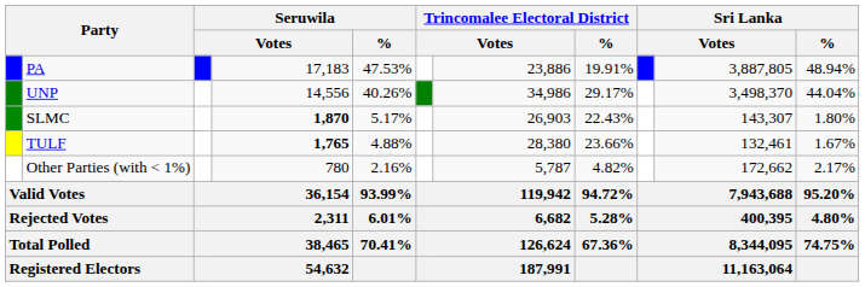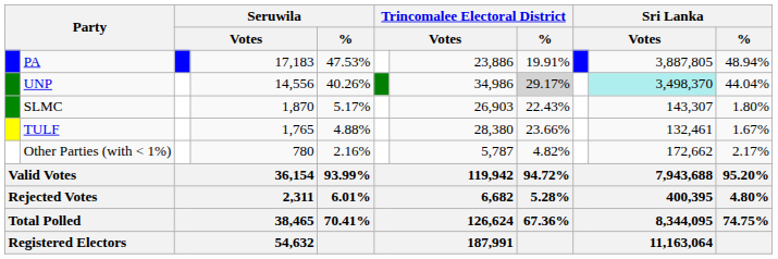 <table class="wikitable">
 <tr>
 <th colspan="2" width="144px"rowspan="2">Party</th>
 <th colspan="3" width="216px">Seruwila</th>
 <th colspan="3" width="216px"><a href='#'>Trincomalee Electoral District</a></th>
 <th colspan="3" width="216px">Sri Lanka</th>
 </tr>
 <tr>
 <th colspan="2" width="144px">Votes</th>
 <th>%</th>
 <th colspan="2" width="144px">Votes</th>
 <th>%</th>
 <th colspan="2" width="144px">Votes</th>
 <th>%</th>
 </tr>
 <tr>
 <td style="background-color:blue;" width="10px"></td>
 <td style="text-align:left;"><a href='#'>PA</a></td>
 <td style="background-color:blue;" width="10px"></td>
 <td style="text-align:right;">17,183</td>
 <td style="text-align:right;">47.53%</td>
 <td style="background-color:white;" width="10px"></td>
 <td style="text-align:right;">23,886</td>
 <td style="text-align:right;">19.91%</td>
 <td style="background-color:blue;" width="10px"></td>
 <td style="text-align:right;">3,887,805</td>
 <td style="text-align:right;">48.94%</td>
 </tr>
 <tr>
 <td style="background-color:green;" width="10px"></td>
 <td style="text-align:left;"><a href='#'>UNP</a></td>
 <td style="background-color:white;" width="10px"></td>
 <td style="text-align:right;">14,556</td>
 <td style="text-align:right;">40.26%</td>
 <td style="background-color:green;" width="10px"></td>
 <td style="text-align:right;">34,986</td>
-<td style="text-align:right;">29.17%</td>
+<td style="background: lightgrey; text-align:right;">29.17%</td>
 <td style="background-color:white;" width="10px"></td>
-<td style="text-align:right;">3,498,370</td>
+<td style="background: paleturquoise; text-align:right;">3,498,370</td>
 <td style="text-align:right;">44.04%</td>
 </tr>
 <tr>
 <td style="background-color:#008800;" width="10px"></td>
 <td style="text-align:left;">SLMC</td>
 <td style="background-color:white;" width="10px"></td>
-<td style="text-align:right;"><strong>1,870</strong></td>
+<td style="text-align:right;">1,870</td>
 <td style="text-align:right;">5.17%</td>
 <td style="background-color:white;" width="10px"></td>
 <td style="text-align:right;">26,903</td>
 <td style="text-align:right;">22.43%</td>
 <td style="background-color:white;" width="10px"></td>
 <td style="text-align:right;">143,307</td>
 <td style="text-align:right;">1.80%</td>
 </tr>
 <tr>
 <td style="background-color:yellow;" width="10px"></td>
 <td style="text-align:left;"><a href='#'>TULF</a></td>
 <td style="background-color:white;" width="10px"></td>
-<td style="text-align:right;"><strong>1,765</strong></td>
+<td style="text-align:right;">1,765</td>
 <td style="text-align:right;">4.88%</td>
 <td style="background-color:white;" width="10px"></td>
 <td style="text-align:right;">28,380</td>
 <td style="text-align:right;">23.66%</td>
 <td style="background-color:white;" width="10px"></td>
 <td style="text-align:right;">132,461</td>
 <td style="text-align:right;">1.67%</td>
 </tr>
 <tr>
 <td style="background-color:white;" width="10px"></td>
 <td style="text-align:left;">Other Parties (with < 1%)</td>
 <td style="background-color:white;" width="10px"></td>
 <td style="text-align:right;">780</td>
 <td style="text-align:right;">2.16%</td>
 <td style="background-color:white;" width="10px"></td>
 <td style="text-align:right;">5,787</td>
 <td style="text-align:right;">4.82%</td>
 <td style="background-color:white;" width="10px"></td>
 <td style="text-align:right;">172,662</td>
 <td style="text-align:right;">2.17%</td>
 </tr>
 <tr>
 <th colspan="2" width="144px"style="text-align:left;">Valid Votes</th>
 <th style="text-align:right;"colspan="2" width="144px">36,154</th>
 <th style="text-align:right;">93.99%</th>
 <th style="text-align:right;"colspan="2" width="144px">119,942</th>
 <th style="text-align:right;">94.72%</th>
 <th style="text-align:right;"colspan="2" width="144px">7,943,688</th>
 <th style="text-align:right;">95.20%</th>
 </tr>
 <tr>
 <th colspan="2" width="144px"style="text-align:left;">Rejected Votes</th>
 <th style="text-align:right;"colspan="2" width="144px">2,311</th>
 <th style="text-align:right;">6.01%</th>
 <th style="text-align:right;"colspan="2" width="144px">6,682</th>
 <th style="text-align:right;">5.28%</th>
 <th style="text-align:right;"colspan="2" width="144px">400,395</th>
 <th style="text-align:right;">4.80%</th>
 </tr>
 <tr>
 <th colspan="2" width="144px"style="text-align:left;">Total Polled</th>
 <th style="text-align:right;"colspan="2" width="144px">38,465</th>
 <th style="text-align:right;">70.41%</th>
 <th style="text-align:right;"colspan="2" width="144px">126,624</th>
 <th style="text-align:right;">67.36%</th>
 <th style="text-align:right;"colspan="2" width="144px">8,344,095</th>
 <th style="text-align:right;">74.75%</th>
 </tr>
 <tr>
 <th colspan="2" width="144px"style="text-align:left;">Registered Electors</th>
 <th style="text-align:right;"colspan="2" width="144px">54,632</th>
 <th></th>
 <th style="text-align:right;"colspan="2" width="144px">187,991</th>
 <th></th>
 <th style="text-align:right;"colspan="2" width="144px">11,163,064</th>
 <th></th>
 </tr>
 </table>
